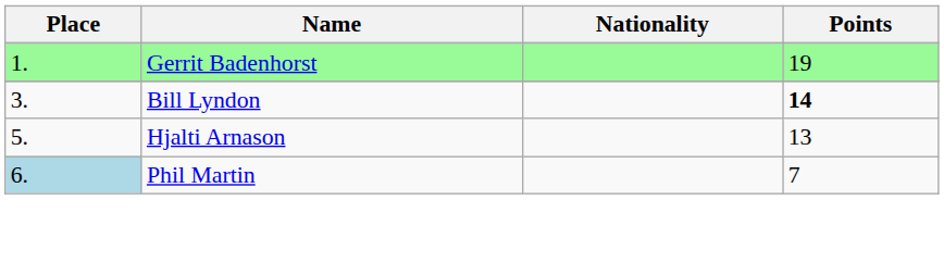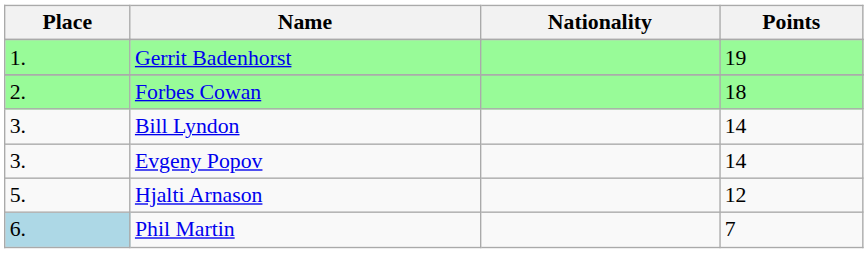 <table class="wikitable" style="display: inline-table; width: 50%;">
 <tr>
 <th>Place</th>
 <th>Name</th>
 <th>Nationality</th>
 <th>Points</th>
 </tr>
 <tr>
 </tr>
 <tr style="background:palegreen">
 <td>1.</td>
 <td><a href='#'>Gerrit Badenhorst</a></td>
 <td></td>
 <td>19</td>
 </tr>
 <tr>
 </tr>
+<tr style="background:palegreen">
+<td>2.</td>
+<td><a href='#'>Forbes Cowan</a></td>
+<td></td>
+<td>18</td>
+</tr>
 <tr>
 <td>3.</td>
 <td><a href='#'>Bill Lyndon</a></td>
 <td></td>
-<td><strong>14</strong></td>
+<td>14</td>
+</tr>
+<tr>
+<td>3.</td>
+<td><a href='#'>Evgeny Popov</a></td>
+<td></td>
+<td>14</td>
 </tr>
 <tr>
 <td>5.</td>
 <td><a href='#'>Hjalti Arnason</a></td>
 <td></td>
-<td>13</td>
+<td>12</td>
 </tr>
 <tr>
 <td style="background: lightblue;">6.</td>
 <td><a href='#'>Phil Martin</a></td>
 <td></td>
 <td>7</td>
 </tr>
 </table>
